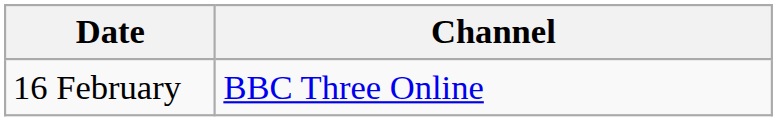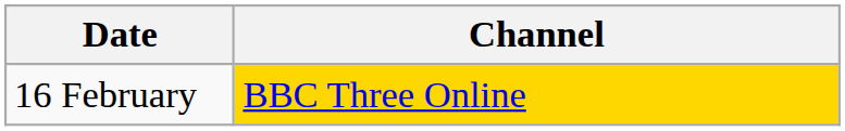 <table class="wikitable">
 <tr>
 <th width=90>Date</th>
 <th width=250>Channel</th>
 </tr>
 <tr>
 <td>16 February</td>
-<td><a href='#'>BBC Three Online</a></td>
+<td style="background: gold;"><a href='#'>BBC Three Online</a></td>
 </tr>
 </table>
